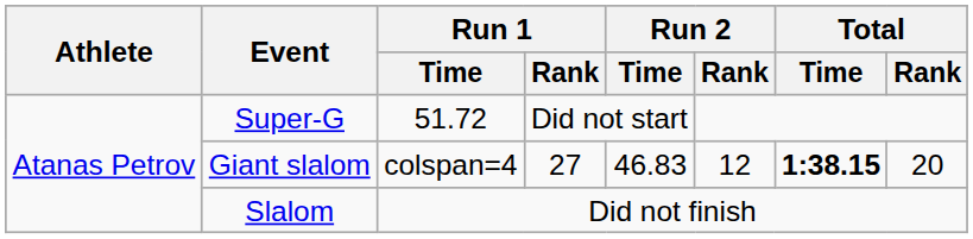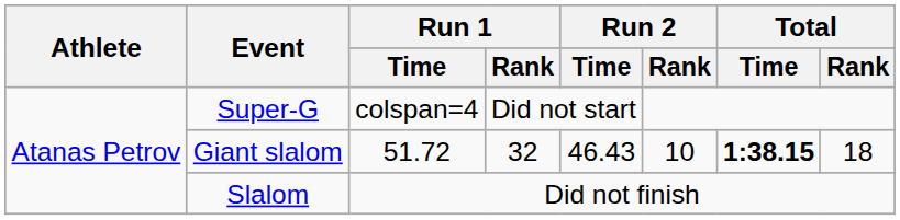 <table class="wikitable" style="font-size:90%">
 <tr>
 <th rowspan=2>Athlete</th>
 <th rowspan=2>Event</th>
 <th colspan=2>Run 1</th>
 <th colspan=2>Run 2</th>
 <th colspan=2>Total</th>
 </tr>
 <tr style="font-size:95%">
 <th>Time</th>
 <th>Rank</th>
 <th>Time</th>
 <th>Rank</th>
 <th>Time</th>
 <th>Rank</th>
 </tr>
 <tr align=center>
 <td rowspan="3"><a href='#'>Atanas Petrov</a></td>
 <td><a href='#'>Super-G</a></td>
-<td>51.72</td>
+<td>colspan=4</td>
 <td colspan=2>Did not start</td>
 </tr>
 <tr align=center>
 <td><a href='#'>Giant slalom</a></td>
-<td>colspan=4</td>
-<td>27</td>
-<td>46.83</td>
-<td>12</td>
+<td>51.72</td>
+<td>32</td>
+<td>46.43</td>
+<td>10</td>
 <td><strong>1:38.15</strong></td>
-<td>20</td>
+<td>18</td>
 </tr>
 <tr align=center>
 <td><a href='#'>Slalom</a></td>
 <td colspan=6>Did not finish</td>
 </tr>
 </table>
